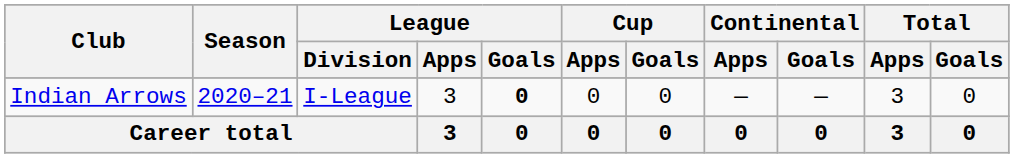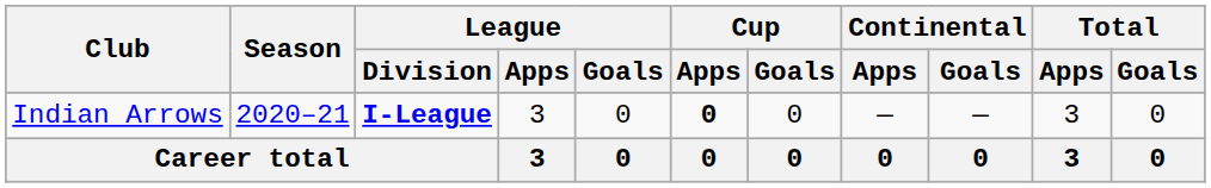 <table class=wikitable style=text-align:center>
 <tr>
 <th rowspan=2>Club</th>
 <th rowspan=2>Season</th>
 <th colspan=3>League</th>
 <th colspan=2>Cup</th>
 <th colspan=2>Continental</th>
 <th colspan=2>Total</th>
 </tr>
 <tr>
 <th>Division</th>
 <th>Apps</th>
 <th>Goals</th>
 <th>Apps</th>
 <th>Goals</th>
 <th>Apps</th>
 <th>Goals</th>
 <th>Apps</th>
 <th>Goals</th>
 </tr>
 <tr>
 <td rowspan=1><a href='#'>Indian Arrows</a></td>
 <td><a href='#'>2020–21</a></td>
-<td><a href='#'>I-League</a></td>
+<td><strong><a href='#'>I-League</a></strong></td>
 <td>3</td>
+<td>0</td>
 <td><strong>0</strong></td>
-<td>0</td>
 <td>0</td>
 <td>—</td>
 <td>—</td>
 <td>3</td>
 <td>0</td>
 </tr>
 <tr>
 <th colspan=3>Career total</th>
 <th>3</th>
 <th>0</th>
 <th>0</th>
 <th>0</th>
 <th>0</th>
 <th>0</th>
 <th>3</th>
 <th>0</th>
 </tr>
 </table>
